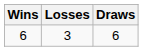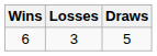 <table class="wikitable">
 <tr>
 <th>Wins</th>
 <th>Losses</th>
 <th>Draws</th>
 </tr>
 <tr>
 <td align="center">6</td>
 <td align="center">3</td>
-<td align="center">6</td>
+<td align="center">5</td>
 </tr>
 </table>
